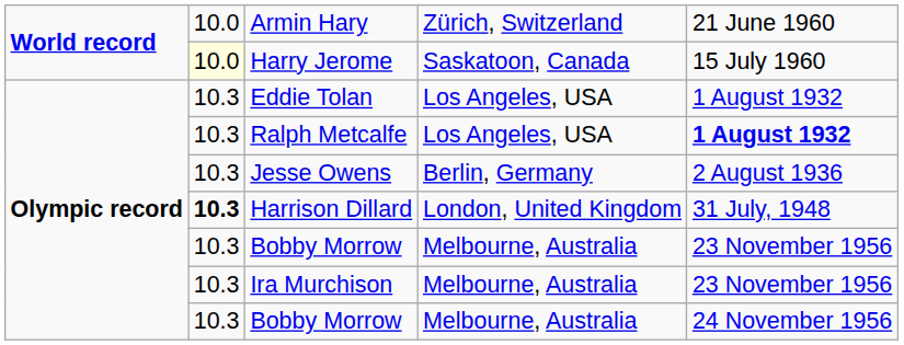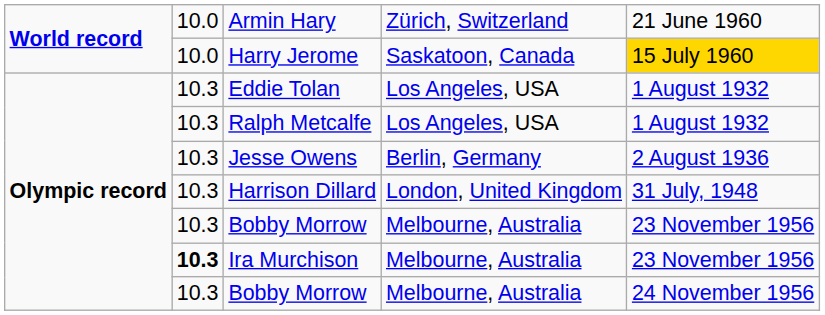 <table class="wikitable">
 <tr>
 <td rowspan=2><strong><a href='#'>World record</a></strong></td>
 <td align=center>10.0</td>
 <td> <a href='#'>Armin Hary</a></td>
 <td><a href='#'>Zürich</a>, <a href='#'>Switzerland</a></td>
 <td>21 June 1960</td>
 </tr>
 <tr>
-<td align=center style="background: lightyellow;">10.0</td>
+<td align=center>10.0</td>
 <td> <a href='#'>Harry Jerome</a></td>
 <td><a href='#'>Saskatoon</a>, <a href='#'>Canada</a></td>
-<td>15 July 1960</td>
+<td style="background: gold;">15 July 1960</td>
 </tr>
 <tr>
 <td rowspan=7><strong>Olympic record</strong></td>
 <td align=center>10.3</td>
 <td> <a href='#'>Eddie Tolan</a></td>
 <td><a href='#'>Los Angeles</a>, USA</td>
 <td><a href='#'>1 August 1932</a></td>
 </tr>
 <tr>
 <td align=center>10.3</td>
 <td> <a href='#'>Ralph Metcalfe</a></td>
 <td><a href='#'>Los Angeles</a>, USA</td>
-<td><strong><a href='#'>1 August 1932</a></strong></td>
+<td><a href='#'>1 August 1932</a></td>
 </tr>
 <tr>
 <td align=center>10.3</td>
 <td> <a href='#'>Jesse Owens</a></td>
 <td><a href='#'>Berlin</a>, <a href='#'>Germany</a></td>
 <td><a href='#'>2 August 1936</a></td>
 </tr>
 <tr>
-<td align=center><strong>10.3</strong></td>
+<td align=center>10.3</td>
 <td> <a href='#'>Harrison Dillard</a></td>
 <td><a href='#'>London</a>, <a href='#'>United Kingdom</a></td>
 <td><a href='#'>31 July, 1948</a></td>
 </tr>
 <tr>
 <td align=center>10.3</td>
 <td> <a href='#'>Bobby Morrow</a></td>
 <td><a href='#'>Melbourne</a>, <a href='#'>Australia</a></td>
 <td><a href='#'>23 November 1956</a></td>
 </tr>
 <tr>
-<td align=center>10.3</td>
+<td align=center><strong>10.3</strong></td>
 <td> <a href='#'>Ira Murchison</a></td>
 <td><a href='#'>Melbourne</a>, <a href='#'>Australia</a></td>
 <td><a href='#'>23 November 1956</a></td>
 </tr>
 <tr>
 <td align=center>10.3</td>
 <td> <a href='#'>Bobby Morrow</a></td>
 <td><a href='#'>Melbourne</a>, <a href='#'>Australia</a></td>
 <td><a href='#'>24 November 1956</a></td>
 </tr>
 </table>
